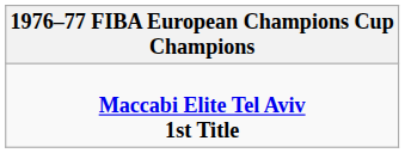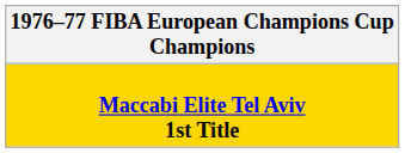 <table class=wikitable style="text-align:center; margin:auto">
 <tr>
 <th>1976–77 FIBA European Champions Cup<br>Champions</th>
 </tr>
 <tr>
-<td> <br> <strong><a href='#'>Maccabi Elite Tel Aviv</a></strong> <br> <strong>1st Title</strong></td>
+<td style="background: gold;"> <br> <strong><a href='#'>Maccabi Elite Tel Aviv</a></strong> <br> <strong>1st Title</strong></td>
 </tr>
 </table>
